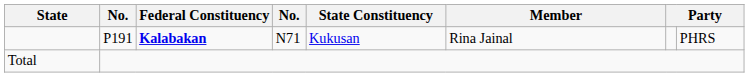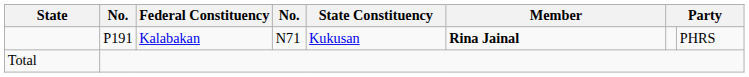 <table class ="wikitable sortable">
 <tr>
 <th style="width:100px;">State</th>
 <th>No.</th>
 <th>Federal Constituency</th>
 <th style="width:30px;">No.</th>
 <th style="width:150px;">State Constituency</th>
 <th style="width:240px;">Member</th>
 <th style="width:80px;" colspan=2>Party</th>
 </tr>
 <tr>
 <td rowspan="1"></td>
 <td>P191</td>
-<td><strong><a href='#'>Kalabakan</a></strong></td>
+<td><a href='#'>Kalabakan</a></td>
 <td>N71</td>
 <td><a href='#'>Kukusan</a></td>
-<td>Rina Jainal</td>
+<td><strong>Rina Jainal</strong></td>
 <td></td>
 <td>PHRS</td>
 </tr>
 <tr>
 <td>Total</td>
 <td colspan="7"></td>
 </tr>
 </table>
